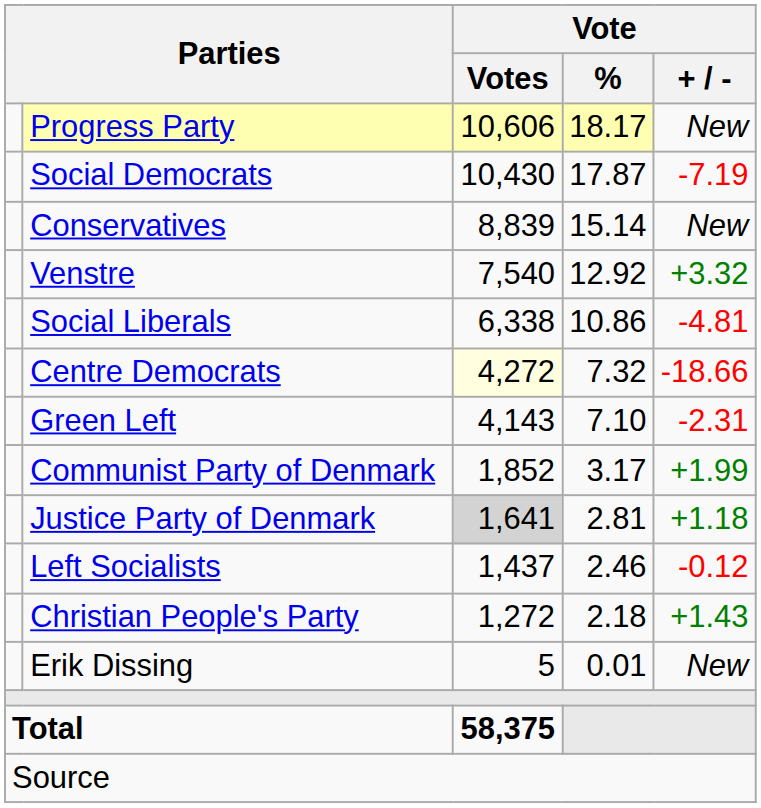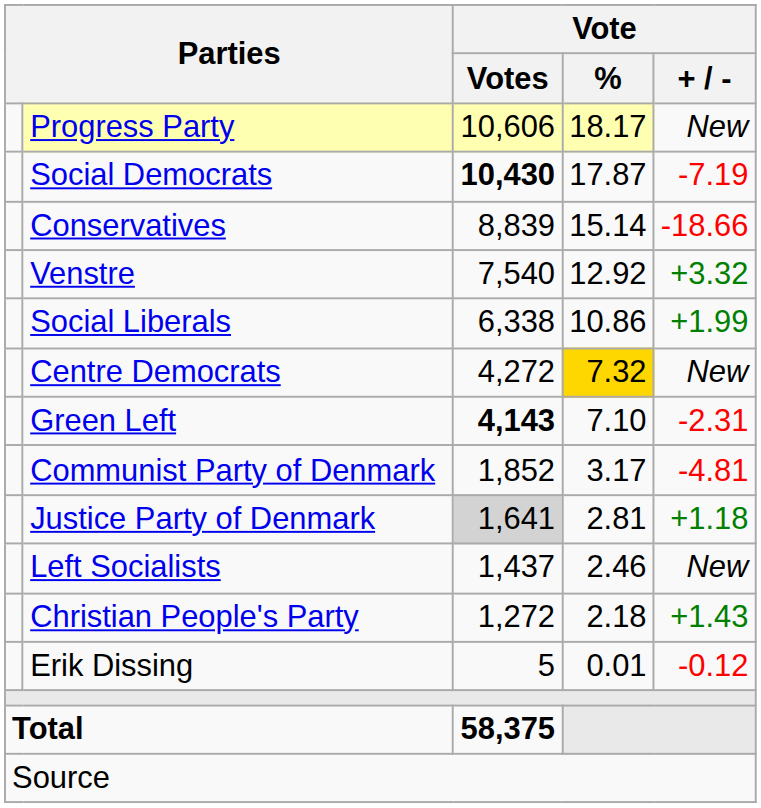 <table class="wikitable" style="text-align:right;">
 <tr>
 <th style="text-align:centre;" rowspan="2" colspan="2" width="225">Parties</th>
 <th colspan="3">Vote</th>
 </tr>
 <tr>
 <th width="15">Votes</th>
 <th width="15">%</th>
 <th width="15">+ / -</th>
 </tr>
 <tr>
 <td width="2" style="color:inherit;background:"></td>
 <td bgcolor=#ffffb2  align="left"><a href='#'>Progress Party</a></td>
 <td bgcolor=#ffffb2>10,606</td>
 <td bgcolor=#ffffb2>18.17</td>
 <td><em>New</em></td>
 </tr>
 <tr>
 <td width="2" style="color:inherit;background:"></td>
 <td align="left"><a href='#'>Social Democrats</a></td>
-<td>10,430</td>
+<td><strong>10,430</strong></td>
 <td>17.87</td>
 <td style=color:red;>-7.19</td>
 </tr>
 <tr>
 <td width="2" style="color:inherit;background:"></td>
 <td align="left"><a href='#'>Conservatives</a></td>
 <td>8,839</td>
 <td>15.14</td>
-<td><em>New</em></td>
+<td style=color:red;>-18.66</td>
 </tr>
 <tr>
 <td width="2" style="color:inherit;background:"></td>
 <td align="left"><a href='#'>Venstre</a></td>
 <td>7,540</td>
 <td>12.92</td>
 <td style=color:green;>+3.32</td>
 </tr>
 <tr>
 <td width="2" style="color:inherit;background:"></td>
 <td align="left"><a href='#'>Social Liberals</a></td>
 <td>6,338</td>
 <td>10.86</td>
-<td style=color:red;>-4.81</td>
+<td style=color:green;>+1.99</td>
 </tr>
 <tr>
 <td width="2" style="color:inherit;background:"></td>
 <td align="left"><a href='#'>Centre Democrats</a></td>
-<td style="background: lightyellow;">4,272</td>
-<td>7.32</td>
-<td style=color:red;>-18.66</td>
+<td>4,272</td>
+<td style="background: gold;">7.32</td>
+<td><em>New</em></td>
 </tr>
 <tr>
 <td width="2" style="color:inherit;background:"></td>
 <td align="left"><a href='#'>Green Left</a></td>
-<td>4,143</td>
+<td><strong>4,143</strong></td>
 <td>7.10</td>
 <td style=color:red;>-2.31</td>
 </tr>
 <tr>
 <td width="2" style="color:inherit;background:"></td>
 <td align="left"><a href='#'>Communist Party of Denmark</a></td>
 <td>1,852</td>
 <td>3.17</td>
-<td style=color:green;>+1.99</td>
+<td style=color:red;>-4.81</td>
 </tr>
 <tr>
 <td width="2" style="color:inherit;background:"></td>
 <td align="left"><a href='#'>Justice Party of Denmark</a></td>
 <td style="background: lightgrey;">1,641</td>
 <td>2.81</td>
 <td style=color:green;>+1.18</td>
 </tr>
 <tr>
 <td width="2" style="color:inherit;background:"></td>
 <td align="left"><a href='#'>Left Socialists</a></td>
 <td>1,437</td>
 <td>2.46</td>
-<td style=color:red;>-0.12</td>
+<td><em>New</em></td>
 </tr>
 <tr>
 <td width="2" style="color:inherit;background:"></td>
 <td align="left"><a href='#'>Christian People's Party</a></td>
 <td>1,272</td>
 <td>2.18</td>
 <td style=color:green;>+1.43</td>
 </tr>
 <tr>
 <td width="2" style="color:inherit;background:"></td>
 <td align="left">Erik Dissing</td>
 <td>5</td>
 <td>0.01</td>
-<td><em>New</em></td>
+<td style=color:red;>-0.12</td>
 </tr>
 <tr>
 <td colspan="7" bgcolor="#E9E9E9"></td>
 </tr>
 <tr>
 <td align="left" colspan="2"><strong>Total</strong></td>
 <td><strong>58,375</strong></td>
 <td bgcolor="#E9E9E9" colspan="2"></td>
 </tr>
 <tr>
 <td align="left" colspan="6">Source</td>
 </tr>
 </table>
